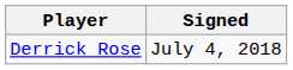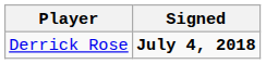 <table class="wikitable sortable sortable" style="text-align: center">
 <tr>
 <th>Player</th>
 <th>Signed</th>
 </tr>
 <tr style="text-align: center">
 <td><a href='#'>Derrick Rose</a></td>
-<td>July 4, 2018</td>
+<td><strong>July 4, 2018</strong></td>
 </tr>
 </table>
